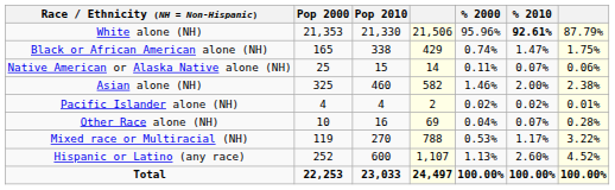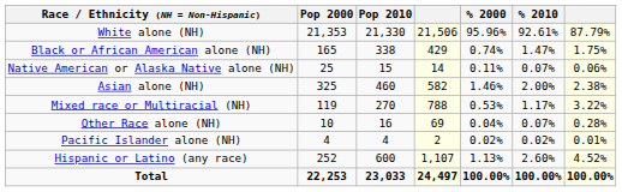 <table class="wikitable" style="text-align:center;">
 <tr>
 <th>Race / Ethnicity <small>(<em>NH = Non-Hispanic</em>)</small></th>
 <th>Pop 2000</th>
 <th>Pop 2010</th>
 <th></th>
 <th>% 2000</th>
 <th>% 2010</th>
 <th></th>
 </tr>
 <tr>
 <td><a href='#'>White</a> alone (NH)</td>
 <td>21,353</td>
 <td>21,330</td>
 <td style='background: #ffffe6;'>21,506</td>
 <td>95.96%</td>
-<td><strong>92.61%</strong></td>
+<td>92.61%</td>
 <td style='background: #ffffe6;'>87.79%</td>
 </tr>
 <tr>
 <td><a href='#'>Black or African American</a> alone (NH)</td>
 <td>165</td>
 <td>338</td>
 <td style='background: #ffffe6;'>429</td>
 <td>0.74%</td>
 <td>1.47%</td>
 <td style='background: #ffffe6;'>1.75%</td>
 </tr>
 <tr>
 <td><a href='#'>Native American</a> or <a href='#'>Alaska Native</a> alone (NH)</td>
 <td>25</td>
 <td>15</td>
 <td style='background: #ffffe6;'>14</td>
 <td>0.11%</td>
 <td>0.07%</td>
 <td style='background: #ffffe6;'>0.06%</td>
 </tr>
 <tr>
 <td><a href='#'>Asian</a> alone (NH)</td>
 <td>325</td>
 <td>460</td>
 <td style='background: #ffffe6;'>582</td>
 <td>1.46%</td>
 <td>2.00%</td>
 <td style='background: #ffffe6;'>2.38%</td>
 </tr>
 <tr>
-<td><a href='#'>Pacific Islander</a> alone (NH)</td>
-<td>4</td>
-<td>4</td>
-<td style='background: #ffffe6;'>2</td>
-<td>0.02%</td>
-<td>0.02%</td>
-<td style='background: #ffffe6;'>0.01%</td>
+<td><a href='#'>Mixed race or Multiracial</a> (NH)</td>
+<td>119</td>
+<td>270</td>
+<td style='background: #ffffe6;'>788</td>
+<td>0.53%</td>
+<td>1.17%</td>
+<td style='background: #ffffe6;'>3.22%</td>
 </tr>
 <tr>
 <td><a href='#'>Other Race</a> alone (NH)</td>
 <td>10</td>
 <td>16</td>
 <td style='background: #ffffe6;'>69</td>
 <td>0.04%</td>
 <td>0.07%</td>
 <td style='background: #ffffe6;'>0.28%</td>
 </tr>
 <tr>
-<td><a href='#'>Mixed race or Multiracial</a> (NH)</td>
-<td>119</td>
-<td>270</td>
-<td style='background: #ffffe6;'>788</td>
-<td>0.53%</td>
-<td>1.17%</td>
-<td style='background: #ffffe6;'>3.22%</td>
+<td><a href='#'>Pacific Islander</a> alone (NH)</td>
+<td>4</td>
+<td>4</td>
+<td style='background: #ffffe6;'>2</td>
+<td>0.02%</td>
+<td>0.02%</td>
+<td style='background: #ffffe6;'>0.01%</td>
 </tr>
 <tr>
 <td><a href='#'>Hispanic or Latino</a> (any race)</td>
 <td>252</td>
 <td>600</td>
 <td style='background: #ffffe6;'>1,107</td>
 <td>1.13%</td>
 <td>2.60%</td>
 <td style='background: #ffffe6;'>4.52%</td>
 </tr>
 <tr>
 <td><strong>Total</strong></td>
 <td><strong>22,253</strong></td>
 <td><strong>23,033</strong></td>
 <td style='background: #ffffe6;'><strong>24,497</strong></td>
 <td><strong>100.00%</strong></td>
 <td><strong>100.00%</strong></td>
 <td style='background: #ffffe6;'><strong>100.00%</strong></td>
 </tr>
 </table>
